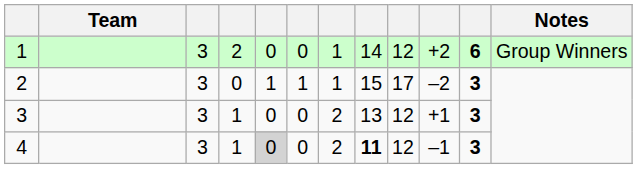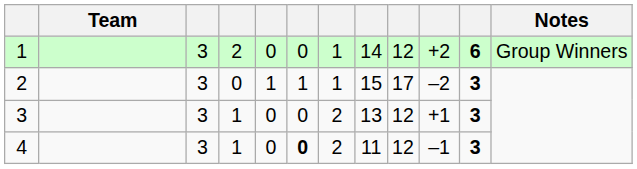 <table class="wikitable" style="text-align: center; font-size: 97%;">
 <tr>
 <th width="20"></th>
 <th width="110">Team</th>
 <th width="18"></th>
 <th width="22"></th>
 <th width="18"></th>
 <th width="18"></th>
 <th width="22"></th>
 <th width="18"></th>
 <th width="18"></th>
 <th width="25"></th>
 <th width="18"></th>
 <th width="105">Notes</th>
 </tr>
 <tr style="background-color: #ccffcc;">
 <td>1</td>
 <td align=left></td>
 <td>3</td>
 <td>2</td>
 <td>0</td>
 <td>0</td>
 <td>1</td>
 <td>14</td>
 <td>12</td>
 <td>+2</td>
 <td><strong>6</strong></td>
 <td>Group Winners</td>
 </tr>
 <tr>
 <td>2</td>
 <td align=left></td>
 <td>3</td>
 <td>0</td>
 <td>1</td>
 <td>1</td>
 <td>1</td>
 <td>15</td>
 <td>17</td>
 <td>–2</td>
 <td><strong>3</strong></td>
 <td rowspan="3"></td>
 </tr>
 <tr>
 <td>3</td>
 <td align=left></td>
 <td>3</td>
 <td>1</td>
 <td>0</td>
 <td>0</td>
 <td>2</td>
 <td>13</td>
 <td>12</td>
 <td>+1</td>
 <td><strong>3</strong></td>
 </tr>
 <tr>
 <td>4</td>
 <td align=left></td>
 <td>3</td>
 <td>1</td>
-<td style="background: lightgrey;">0</td>
 <td>0</td>
+<td><strong>0</strong></td>
 <td>2</td>
-<td><strong>11</strong></td>
+<td>11</td>
 <td>12</td>
 <td>–1</td>
 <td><strong>3</strong></td>
 </tr>
 </table>
